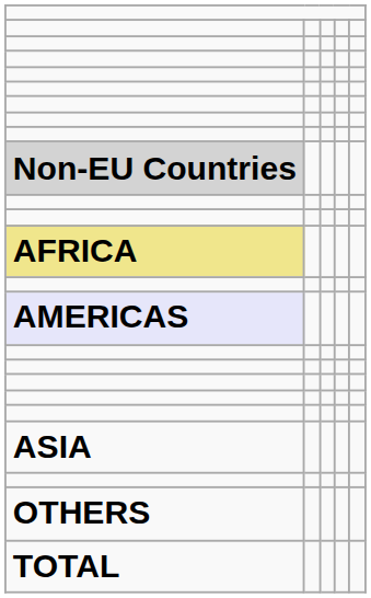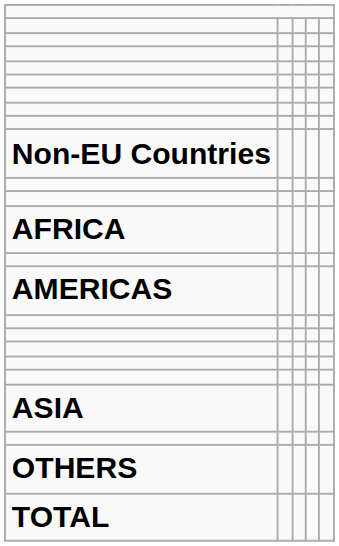 <table class="wikitable">
 <tr>
 <td colspan="7"></td>
 </tr>
 <tr>
 <td></td>
 <td></td>
 <td></td>
 <td></td>
 <td></td>
 </tr>
 <tr>
 <td><strong></strong></td>
 <td></td>
 <td></td>
 <td></td>
 <td></td>
 </tr>
 <tr>
 <td></td>
 <td></td>
 <td></td>
 <td></td>
 <td></td>
 </tr>
 <tr>
 <td></td>
 <td></td>
 <td></td>
 <td></td>
 <td></td>
 </tr>
 <tr>
 <td></td>
 <td></td>
 <td></td>
 <td></td>
 <td></td>
 </tr>
 <tr>
 <td></td>
 <td></td>
 <td></td>
 <td></td>
 <td></td>
 </tr>
 <tr>
 <td></td>
 <td></td>
 <td></td>
 <td></td>
 <td></td>
 </tr>
 <tr>
 <td></td>
 <td></td>
 <td></td>
 <td></td>
 <td></td>
 </tr>
 <tr>
-<td style="background: lightgrey;"><strong>Non-EU Countries</strong></td>
+<td><strong>Non-EU Countries</strong></td>
 <td></td>
 <td></td>
 <td></td>
 <td></td>
 </tr>
 <tr>
 <td></td>
 <td></td>
 <td></td>
 <td></td>
 <td></td>
 </tr>
 <tr>
 <td></td>
 <td></td>
 <td></td>
 <td></td>
 <td></td>
 </tr>
 <tr>
-<td style="background: khaki;"><strong>AFRICA</strong></td>
+<td><strong>AFRICA</strong></td>
 <td></td>
 <td></td>
 <td></td>
 <td></td>
 </tr>
 <tr>
 <td></td>
 <td></td>
 <td></td>
 <td></td>
 <td></td>
 </tr>
 <tr>
-<td style="background: lavender;"><strong>AMERICAS</strong></td>
+<td><strong>AMERICAS</strong></td>
 <td></td>
 <td></td>
 <td></td>
 <td></td>
 </tr>
 <tr>
 <td></td>
 <td></td>
 <td></td>
 <td></td>
 <td></td>
 </tr>
 <tr>
 <td></td>
 <td></td>
 <td></td>
 <td></td>
 <td></td>
 </tr>
 <tr>
 <td></td>
 <td></td>
 <td></td>
 <td></td>
 <td></td>
 </tr>
 <tr>
 <td></td>
 <td></td>
 <td></td>
 <td></td>
 <td></td>
 </tr>
 <tr>
 <td></td>
 <td></td>
 <td></td>
 <td></td>
 <td></td>
 </tr>
 <tr>
 <td><strong>ASIA</strong></td>
 <td></td>
 <td></td>
 <td></td>
 <td></td>
 </tr>
 <tr>
 <td></td>
 <td></td>
 <td></td>
 <td></td>
 <td></td>
 </tr>
 <tr>
 <td><strong>OTHERS</strong></td>
 <td></td>
 <td></td>
 <td></td>
 <td></td>
 </tr>
 <tr>
 <td><strong>TOTAL</strong></td>
 <td></td>
 <td></td>
 <td></td>
 <td></td>
 </tr>
 </table>
